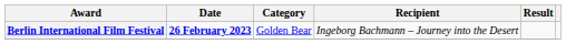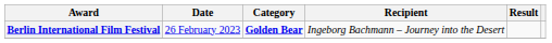 <table class="wikitable sortable plainrowheaders">
 <tr>
 <th>Award</th>
 <th>Date</th>
 <th>Category</th>
 <th>Recipient</th>
 <th>Result</th>
 <th></th>
 </tr>
 <tr>
 <th scope="row"><a href='#'>Berlin International Film Festival</a></th>
-<td><strong><a href='#'>26 February 2023</a></strong></td>
-<td><a href='#'>Golden Bear</a></td>
+<td><a href='#'>26 February 2023</a></td>
+<td><strong><a href='#'>Golden Bear</a></strong></td>
 <td><em>Ingeborg Bachmann – Journey into the Desert</em></td>
 <td></td>
 <td align="center" rowspan="1"></td>
 </tr>
 <tr>
 </tr>
 </table>
